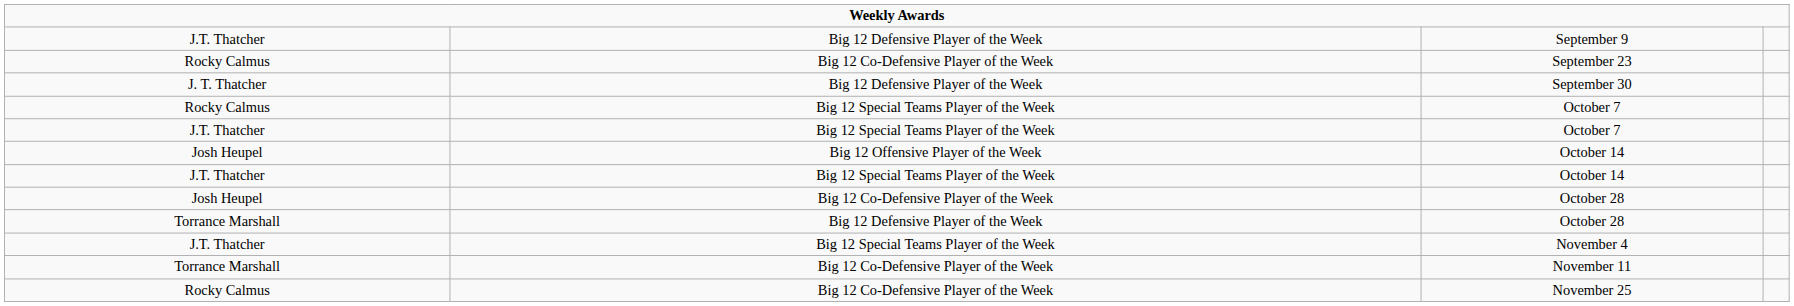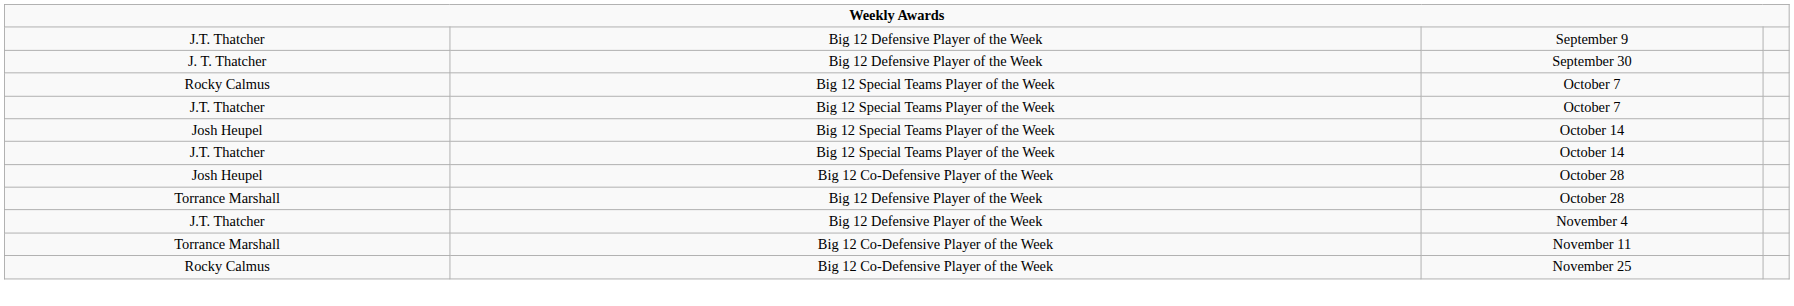 <table class="wikitable" style="width:100%;text-align: center;">
 <tr>
 <td colspan=4><strong>Weekly Awards</strong><br></td>
 </tr>
 <tr align="center">
 <td>J.T. Thatcher</td>
 <td>Big 12 Defensive Player of the Week</td>
 <td>September 9</td>
-<td></td>
-</tr>
-<tr align="center">
-<td>Rocky Calmus</td>
-<td>Big 12 Co-Defensive Player of the Week</td>
-<td>September 23</td>
 <td></td>
 </tr>
 <tr align="center">
 <td>J. T. Thatcher</td>
 <td>Big 12 Defensive Player of the Week</td>
 <td>September 30</td>
 <td></td>
 </tr>
 <tr align="center">
 <td>Rocky Calmus</td>
 <td>Big 12 Special Teams Player of the Week</td>
 <td>October 7</td>
 <td></td>
 </tr>
 <tr align="center">
 <td>J.T. Thatcher</td>
 <td>Big 12 Special Teams Player of the Week</td>
 <td>October 7</td>
 <td></td>
 </tr>
 <tr align="center">
 <td>Josh Heupel</td>
-<td>Big 12 Offensive Player of the Week</td>
+<td>Big 12 Special Teams Player of the Week</td>
 <td>October 14</td>
 <td></td>
 </tr>
 <tr align="center">
 <td>J.T. Thatcher</td>
 <td>Big 12 Special Teams Player of the Week</td>
 <td>October 14</td>
 <td></td>
 </tr>
 <tr align="center">
 <td>Josh Heupel</td>
 <td>Big 12 Co-Defensive Player of the Week</td>
 <td>October 28</td>
 <td></td>
 </tr>
 <tr align="center">
 <td>Torrance Marshall</td>
 <td>Big 12 Defensive Player of the Week</td>
 <td>October 28</td>
 <td></td>
 </tr>
 <tr align="center">
 <td>J.T. Thatcher</td>
-<td>Big 12 Special Teams Player of the Week</td>
+<td>Big 12 Defensive Player of the Week</td>
 <td>November 4</td>
 <td></td>
 </tr>
 <tr align="center">
 <td>Torrance Marshall</td>
 <td>Big 12 Co-Defensive Player of the Week</td>
 <td>November 11</td>
 <td></td>
 </tr>
 <tr align="center">
 <td>Rocky Calmus</td>
 <td>Big 12 Co-Defensive Player of the Week</td>
 <td>November 25</td>
 <td></td>
 </tr>
 </table>
